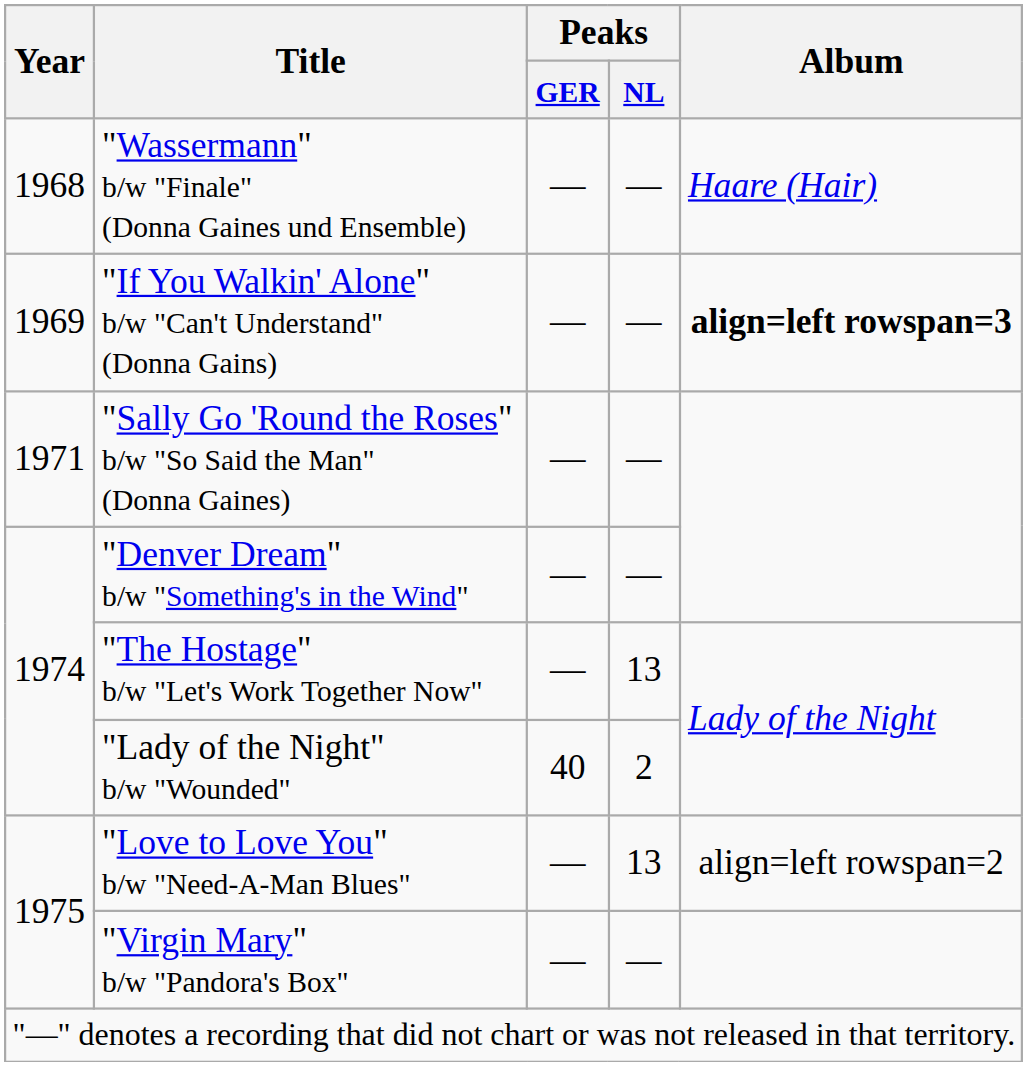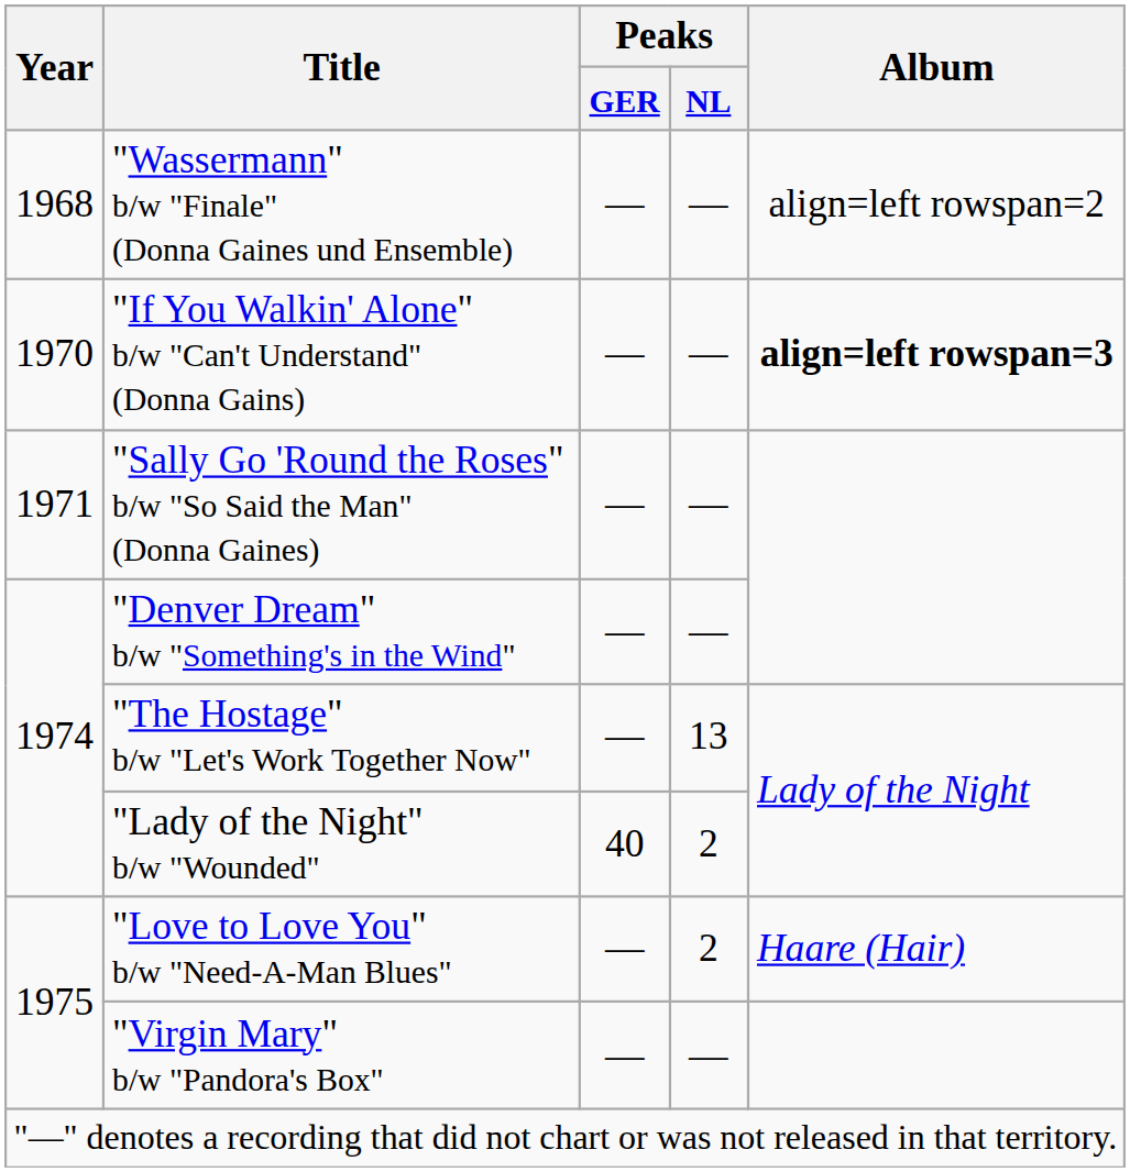 <table class="wikitable" style=text-align:center;>
 <tr>
 <th rowspan="2">Year</th>
 <th rowspan="2">Title</th>
 <th colspan="2">Peaks</th>
 <th rowspan="2">Album</th>
 </tr>
 <tr>
 <th width="25"><small><a href='#'>GER</a><br></small></th>
 <th width="25"><small><a href='#'>NL</a><br></small></th>
 </tr>
 <tr>
 <td>1968</td>
 <td align=left>"<a href='#'>Wassermann</a>"  <br><small>b/w "Finale"<br>(Donna Gaines und Ensemble)</small></td>
 <td>—</td>
 <td>—</td>
-<td align=left><em><a href='#'>Haare (Hair)</a></em></td>
+<td>align=left rowspan=2 </td>
 </tr>
 <tr>
-<td>1969</td>
+<td>1970</td>
 <td align=left>"<a href='#'>If You Walkin' Alone</a>"  <br><small>b/w "Can't Understand"<br>(Donna Gains)</small></td>
 <td>—</td>
 <td>—</td>
 <td><strong>align=left rowspan=3 </strong></td>
 </tr>
 <tr>
 <td>1971</td>
 <td align=left>"<a href='#'>Sally Go 'Round the Roses</a>" <br><small>b/w "So Said the Man" <br>(Donna Gaines)</small></td>
 <td>—</td>
 <td>—</td>
 </tr>
 <tr>
 <td rowspan="3">1974</td>
 <td align=left>"<a href='#'>Denver Dream</a>" <br><small>b/w "<a href='#'>Something's in the Wind</a>" </small></td>
 <td>—</td>
 <td>—</td>
 </tr>
 <tr>
 <td align=left>"<a href='#'>The Hostage</a>"<br><small>b/w "Let's Work Together Now"</small></td>
 <td>—</td>
 <td>13 </td>
 <td align=left rowspan=2><em><a href='#'>Lady of the Night</a></em></td>
 </tr>
 <tr>
 <td align=left>"Lady of the Night"<br><small>b/w "Wounded"</small></td>
 <td>40 </td>
 <td>2 </td>
 </tr>
 <tr>
 <td rowspan="2">1975</td>
 <td align=left>"<a href='#'>Love to Love You</a>" <br><small>b/w "Need-A-Man Blues"</small></td>
 <td>—</td>
-<td>13 </td>
-<td>align=left rowspan=2 </td>
+<td>2 </td>
+<td align=left><em><a href='#'>Haare (Hair)</a></em></td>
 </tr>
 <tr>
 <td align=left>"<a href='#'>Virgin Mary</a>" <br><small>b/w "Pandora's Box"</small></td>
 <td>—</td>
 <td>— </td>
 </tr>
 <tr>
 <td colspan="15" style="font-size:90%">"—" denotes a recording that did not chart or was not released in that territory.</td>
 </tr>
 </table>
